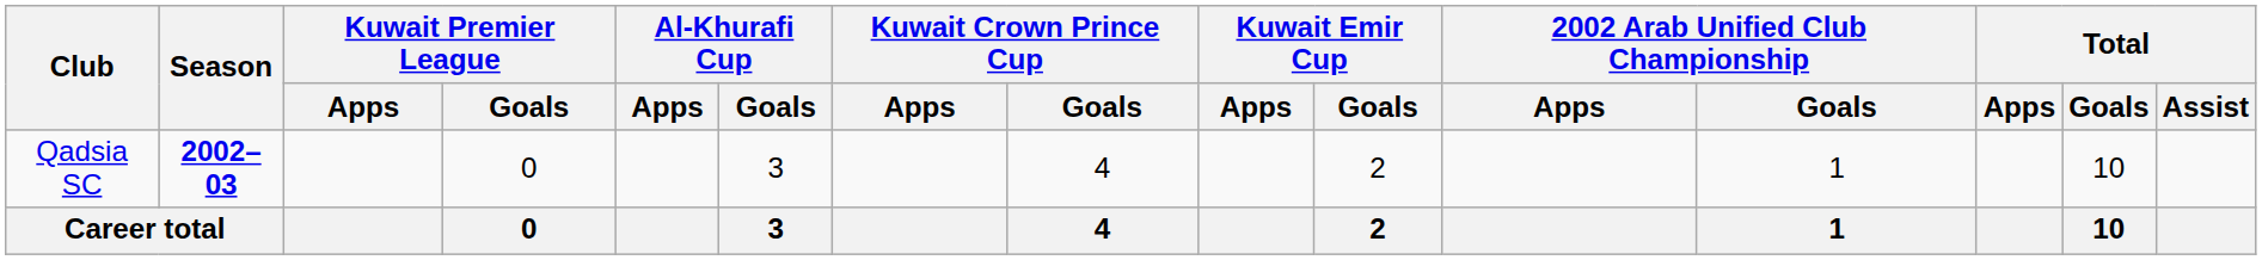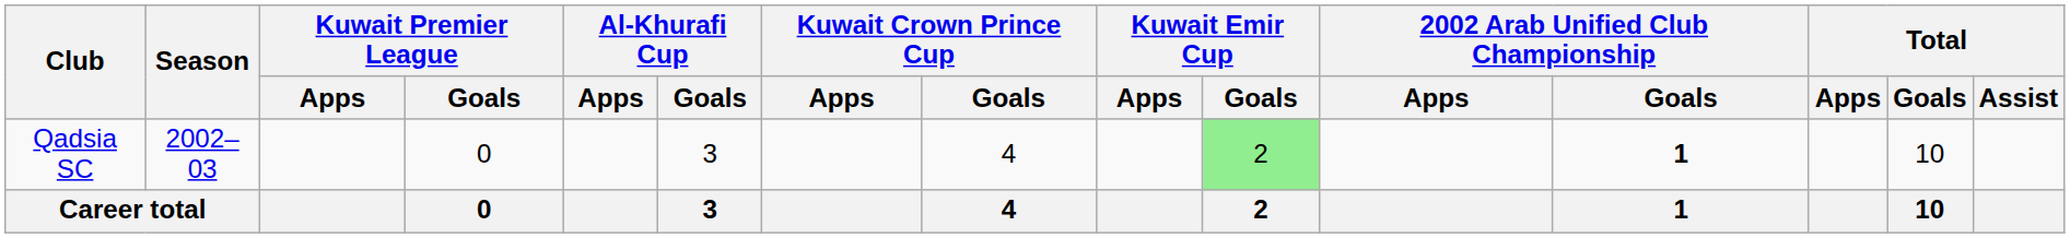 <table class="wikitable" style="text-align: center">
 <tr>
 <th rowspan="2">Club</th>
 <th rowspan="2">Season</th>
 <th colspan="2"><a href='#'>Kuwait Premier League</a></th>
 <th colspan="2"><a href='#'>Al-Khurafi Cup</a></th>
 <th colspan="2"><a href='#'>Kuwait Crown Prince Cup</a></th>
 <th colspan="2"><a href='#'>Kuwait Emir Cup</a></th>
 <th colspan="2"><a href='#'>2002 Arab Unified Club Championship</a></th>
 <th colspan="3">Total</th>
 </tr>
 <tr>
 <th>Apps</th>
 <th>Goals</th>
 <th>Apps</th>
 <th>Goals</th>
 <th>Apps</th>
 <th>Goals</th>
 <th>Apps</th>
 <th>Goals</th>
 <th>Apps</th>
 <th>Goals</th>
 <th>Apps</th>
 <th>Goals</th>
 <th>Assist</th>
 </tr>
 <tr>
 <td rowspan="1"><a href='#'>Qadsia SC</a></td>
-<td><strong><a href='#'>2002–03</a></strong></td>
+<td><a href='#'>2002–03</a></td>
 <td></td>
 <td>0</td>
 <td></td>
 <td>3</td>
 <td></td>
 <td>4</td>
 <td></td>
-<td>2</td>
+<td style="background: lightgreen;">2</td>
 <td></td>
-<td>1</td>
+<td><strong>1</strong></td>
 <td></td>
 <td>10</td>
 <td></td>
 </tr>
 <tr>
 <th colspan="2">Career total</th>
 <th></th>
 <th>0</th>
 <th></th>
 <th>3</th>
 <th></th>
 <th>4</th>
 <th></th>
 <th>2</th>
 <th></th>
 <th>1</th>
 <th></th>
 <th>10</th>
 <th></th>
 </tr>
 </table>
